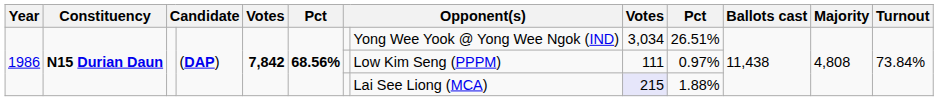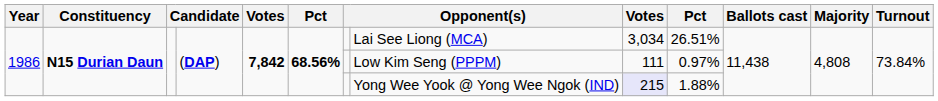 <table class="wikitable" style="margin:0.5em ; font-size:95%">
 <tr>
 <th>Year</th>
 <th>Constituency</th>
 <th colspan=2>Candidate</th>
 <th>Votes</th>
 <th>Pct</th>
 <th colspan=2>Opponent(s)</th>
 <th>Votes</th>
 <th>Pct</th>
 <th>Ballots cast</th>
 <th>Majority</th>
 <th>Turnout</th>
 </tr>
 <tr>
 <td rowspan=3><a href='#'>1986</a></td>
 <td rowspan=3><strong>N15 <a href='#'>Durian Daun</a></strong></td>
 <td rowspan=3 ></td>
 <td rowspan=3> (<a href='#'><strong>DAP</strong></a>)</td>
 <td rowspan=3 align="right"><strong>7,842</strong></td>
 <td rowspan=3><strong>68.56%</strong></td>
 <td></td>
-<td>Yong Wee Yook @ Yong Wee Ngok (<a href='#'>IND</a>)</td>
+<td>Lai See Liong (<a href='#'>MCA</a>)</td>
 <td align="right">3,034</td>
 <td>26.51%</td>
 <td rowspan=3>11,438</td>
 <td rowspan=3>4,808</td>
 <td rowspan=3>73.84%</td>
 </tr>
 <tr>
 <td></td>
 <td>Low Kim Seng (<a href='#'>PPPM</a>)</td>
 <td align="right">111</td>
 <td align="right">0.97%</td>
 </tr>
 <tr>
 <td></td>
-<td>Lai See Liong (<a href='#'>MCA</a>)</td>
+<td>Yong Wee Yook @ Yong Wee Ngok (<a href='#'>IND</a>)</td>
 <td align="right" style="background: lavender;">215</td>
 <td align="right">1.88%</td>
 </tr>
 </table>
